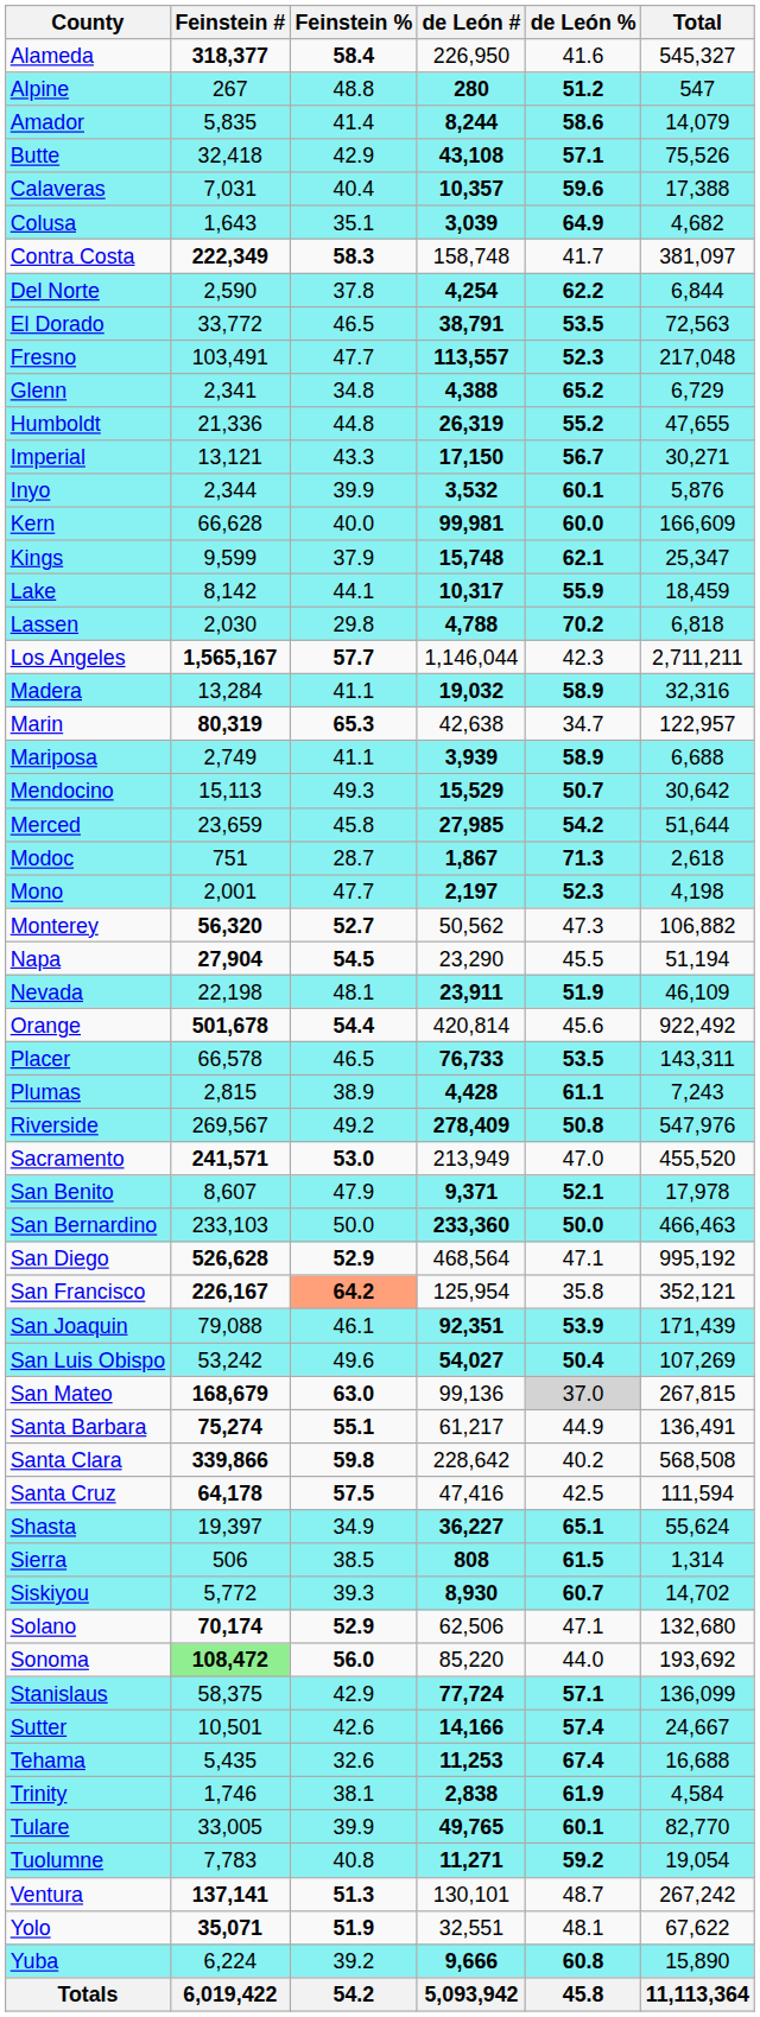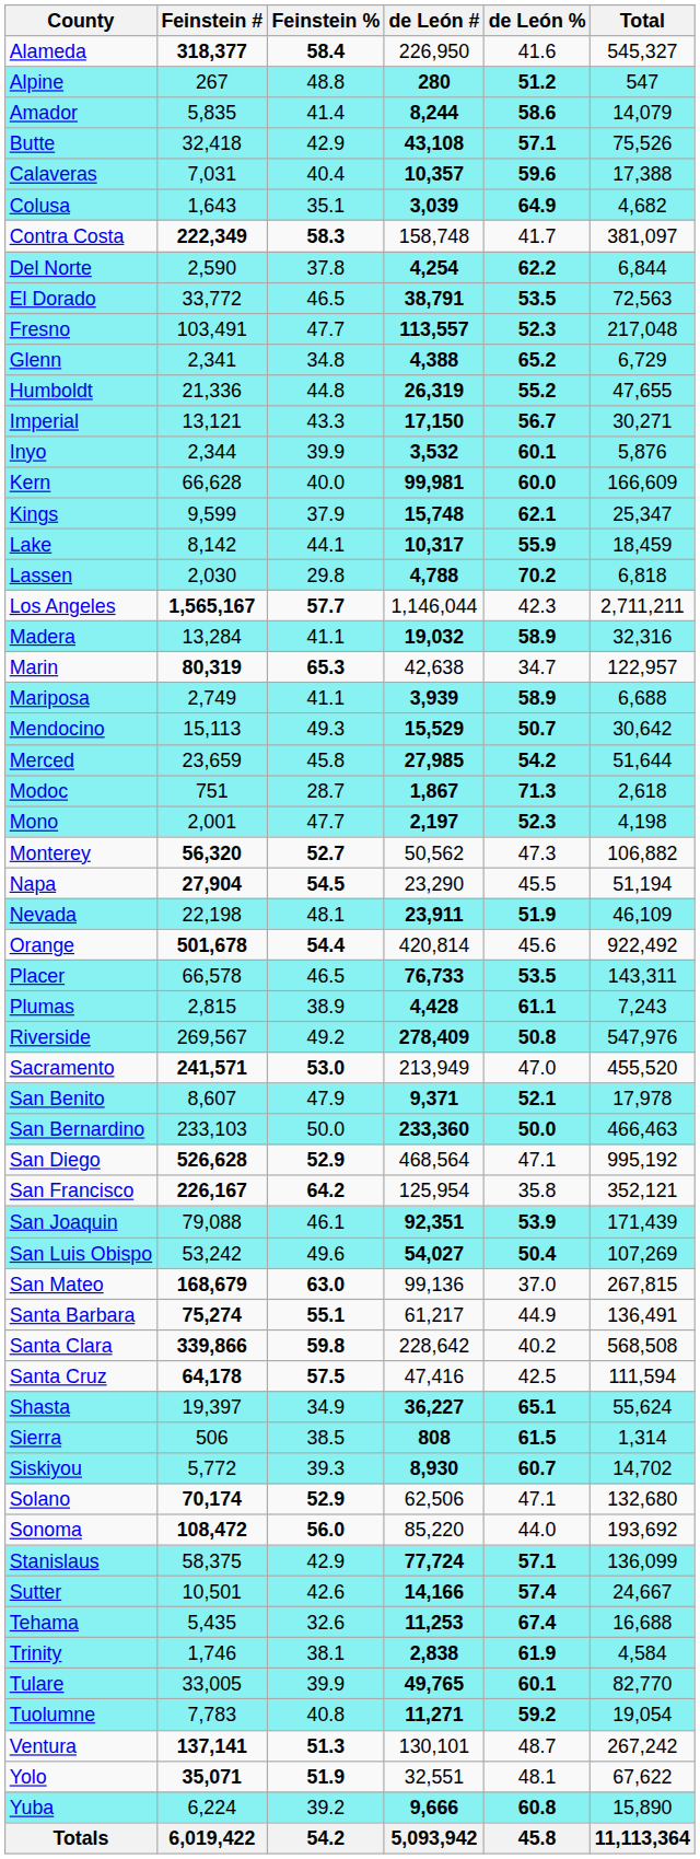 <table class="wikitable sortable" style="font-size: 95%">
 <tr>
 <th>County</th>
 <th>Feinstein #</th>
 <th>Feinstein %</th>
 <th>de León #</th>
 <th>de León %</th>
 <th>Total</th>
 </tr>
 <tr>
 <td><a href='#'>Alameda</a></td>
 <td align=center><strong>318,377</strong></td>
 <td align=center><strong>58.4</strong></td>
 <td align=center>226,950</td>
 <td align=center>41.6</td>
 <td align=center>545,327</td>
 </tr>
 <tr style="background:#88F2F2;">
 <td><a href='#'>Alpine</a></td>
 <td align=center>267</td>
 <td align=center>48.8</td>
 <td align=center><strong>280</strong></td>
 <td align=center><strong>51.2</strong></td>
 <td align=center>547</td>
 </tr>
 <tr style="background:#88F2F2;">
 <td><a href='#'>Amador</a></td>
 <td align=center>5,835</td>
 <td align=center>41.4</td>
 <td align=center><strong>8,244</strong></td>
 <td align=center><strong>58.6</strong></td>
 <td align=center>14,079</td>
 </tr>
 <tr style="background:#88F2F2;">
 <td><a href='#'>Butte</a></td>
 <td align=center>32,418</td>
 <td align=center>42.9</td>
 <td align=center><strong>43,108</strong></td>
 <td align=center><strong>57.1</strong></td>
 <td align=center>75,526</td>
 </tr>
 <tr style="background:#88F2F2;">
 <td><a href='#'>Calaveras</a></td>
 <td align=center>7,031</td>
 <td align=center>40.4</td>
 <td align=center><strong>10,357</strong></td>
 <td align=center><strong>59.6</strong></td>
 <td align=center>17,388</td>
 </tr>
 <tr style="background:#88F2F2;">
 <td><a href='#'>Colusa</a></td>
 <td align=center>1,643</td>
 <td align=center>35.1</td>
 <td align=center><strong>3,039</strong></td>
 <td align=center><strong>64.9</strong></td>
 <td align=center>4,682</td>
 </tr>
 <tr>
 <td><a href='#'>Contra Costa</a></td>
 <td align=center><strong>222,349</strong></td>
 <td align=center><strong>58.3</strong></td>
 <td align=center>158,748</td>
 <td align=center>41.7</td>
 <td align=center>381,097</td>
 </tr>
 <tr style="background:#88F2F2;">
 <td><a href='#'>Del Norte</a></td>
 <td align=center>2,590</td>
 <td align=center>37.8</td>
 <td align=center><strong>4,254</strong></td>
 <td align=center><strong>62.2</strong></td>
 <td align=center>6,844</td>
 </tr>
 <tr style="background:#88F2F2;">
 <td><a href='#'>El Dorado</a></td>
 <td align=center>33,772</td>
 <td align=center>46.5</td>
 <td align=center><strong>38,791</strong></td>
 <td align=center><strong>53.5</strong></td>
 <td align=center>72,563</td>
 </tr>
 <tr style="background:#88F2F2;">
 <td><a href='#'>Fresno</a></td>
 <td align=center>103,491</td>
 <td align=center>47.7</td>
 <td align=center><strong>113,557</strong></td>
 <td align=center><strong>52.3</strong></td>
 <td align=center>217,048</td>
 </tr>
 <tr style="background:#88F2F2;">
 <td><a href='#'>Glenn</a></td>
 <td align=center>2,341</td>
 <td align=center>34.8</td>
 <td align=center><strong>4,388</strong></td>
 <td align=center><strong>65.2</strong></td>
 <td align=center>6,729</td>
 </tr>
 <tr style="background:#88F2F2;">
 <td><a href='#'>Humboldt</a></td>
 <td align=center>21,336</td>
 <td align=center>44.8</td>
 <td align=center><strong>26,319</strong></td>
 <td align=center><strong>55.2</strong></td>
 <td align=center>47,655</td>
 </tr>
 <tr style="background:#88F2F2;">
 <td><a href='#'>Imperial</a></td>
 <td align=center>13,121</td>
 <td align=center>43.3</td>
 <td align=center><strong>17,150</strong></td>
 <td align=center><strong>56.7</strong></td>
 <td align=center>30,271</td>
 </tr>
 <tr style="background:#88F2F2;">
 <td><a href='#'>Inyo</a></td>
 <td align=center>2,344</td>
 <td align=center>39.9</td>
 <td align=center><strong>3,532</strong></td>
 <td align=center><strong>60.1</strong></td>
 <td align=center>5,876</td>
 </tr>
 <tr style="background:#88F2F2;">
 <td><a href='#'>Kern</a></td>
 <td align=center>66,628</td>
 <td align=center>40.0</td>
 <td align=center><strong>99,981</strong></td>
 <td align=center><strong>60.0</strong></td>
 <td align=center>166,609</td>
 </tr>
 <tr style="background:#88F2F2;">
 <td><a href='#'>Kings</a></td>
 <td align=center>9,599</td>
 <td align=center>37.9</td>
 <td align=center><strong>15,748</strong></td>
 <td align=center><strong>62.1</strong></td>
 <td align=center>25,347</td>
 </tr>
 <tr style="background:#88F2F2;">
 <td><a href='#'>Lake</a></td>
 <td align=center>8,142</td>
 <td align=center>44.1</td>
 <td align=center><strong>10,317</strong></td>
 <td align=center><strong>55.9</strong></td>
 <td align=center>18,459</td>
 </tr>
 <tr style="background:#88F2F2;">
 <td><a href='#'>Lassen</a></td>
 <td align=center>2,030</td>
 <td align=center>29.8</td>
 <td align=center><strong>4,788</strong></td>
 <td align=center><strong>70.2</strong></td>
 <td align=center>6,818</td>
 </tr>
 <tr>
 <td><a href='#'>Los Angeles</a></td>
 <td align=center><strong>1,565,167</strong></td>
 <td align=center><strong>57.7</strong></td>
 <td align=center>1,146,044</td>
 <td align=center>42.3</td>
 <td align=center>2,711,211</td>
 </tr>
 <tr style="background:#88F2F2;">
 <td><a href='#'>Madera</a></td>
 <td align=center>13,284</td>
 <td align=center>41.1</td>
 <td align=center><strong>19,032</strong></td>
 <td align=center><strong>58.9</strong></td>
 <td align=center>32,316</td>
 </tr>
 <tr>
 <td><a href='#'>Marin</a></td>
 <td align=center><strong>80,319</strong></td>
 <td align=center><strong>65.3</strong></td>
 <td align=center>42,638</td>
 <td align=center>34.7</td>
 <td align=center>122,957</td>
 </tr>
 <tr style="background:#88F2F2;">
 <td><a href='#'>Mariposa</a></td>
 <td align=center>2,749</td>
 <td align=center>41.1</td>
 <td align=center><strong>3,939</strong></td>
 <td align=center><strong>58.9</strong></td>
 <td align=center>6,688</td>
 </tr>
 <tr style="background:#88F2F2;">
 <td><a href='#'>Mendocino</a></td>
 <td align=center>15,113</td>
 <td align=center>49.3</td>
 <td align=center><strong>15,529</strong></td>
 <td align=center><strong>50.7</strong></td>
 <td align=center>30,642</td>
 </tr>
 <tr style="background:#88F2F2;">
 <td><a href='#'>Merced</a></td>
 <td align=center>23,659</td>
 <td align=center>45.8</td>
 <td align=center><strong>27,985</strong></td>
 <td align=center><strong>54.2</strong></td>
 <td align=center>51,644</td>
 </tr>
 <tr style="background:#88F2F2;">
 <td><a href='#'>Modoc</a></td>
 <td align=center>751</td>
 <td align=center>28.7</td>
 <td align=center><strong>1,867</strong></td>
 <td align=center><strong>71.3</strong></td>
 <td align=center>2,618</td>
 </tr>
 <tr style="background:#88F2F2;">
 <td><a href='#'>Mono</a></td>
 <td align=center>2,001</td>
 <td align=center>47.7</td>
 <td align=center><strong>2,197</strong></td>
 <td align=center><strong>52.3</strong></td>
 <td align=center>4,198</td>
 </tr>
 <tr>
 <td><a href='#'>Monterey</a></td>
 <td align=center><strong>56,320</strong></td>
 <td align=center><strong>52.7</strong></td>
 <td align=center>50,562</td>
 <td align=center>47.3</td>
 <td align=center>106,882</td>
 </tr>
 <tr>
 <td><a href='#'>Napa</a></td>
 <td align=center><strong>27,904</strong></td>
 <td align=center><strong>54.5</strong></td>
 <td align=center>23,290</td>
 <td align=center>45.5</td>
 <td align=center>51,194</td>
 </tr>
 <tr style="background:#88F2F2;">
 <td><a href='#'>Nevada</a></td>
 <td align=center>22,198</td>
 <td align=center>48.1</td>
 <td align=center><strong>23,911</strong></td>
 <td align=center><strong>51.9</strong></td>
 <td align=center>46,109</td>
 </tr>
 <tr>
 <td><a href='#'>Orange</a></td>
 <td align=center><strong>501,678</strong></td>
 <td align=center><strong>54.4</strong></td>
 <td align=center>420,814</td>
 <td align=center>45.6</td>
 <td align=center>922,492</td>
 </tr>
 <tr style="background:#88F2F2;">
 <td><a href='#'>Placer</a></td>
 <td align=center>66,578</td>
 <td align=center>46.5</td>
 <td align=center><strong>76,733</strong></td>
 <td align=center><strong>53.5</strong></td>
 <td align=center>143,311</td>
 </tr>
 <tr style="background:#88F2F2;">
 <td><a href='#'>Plumas</a></td>
 <td align=center>2,815</td>
 <td align=center>38.9</td>
 <td align=center><strong>4,428</strong></td>
 <td align=center><strong>61.1</strong></td>
 <td align=center>7,243</td>
 </tr>
 <tr style="background:#88F2F2;">
 <td><a href='#'>Riverside</a></td>
 <td align=center>269,567</td>
 <td align=center>49.2</td>
 <td align=center><strong>278,409</strong></td>
 <td align=center><strong>50.8</strong></td>
 <td align=center>547,976</td>
 </tr>
 <tr>
 <td><a href='#'>Sacramento</a></td>
 <td align=center><strong>241,571</strong></td>
 <td align=center><strong>53.0</strong></td>
 <td align=center>213,949</td>
 <td align=center>47.0</td>
 <td align=center>455,520</td>
 </tr>
 <tr style="background:#88F2F2;">
 <td><a href='#'>San Benito</a></td>
 <td align=center>8,607</td>
 <td align=center>47.9</td>
 <td align=center><strong>9,371</strong></td>
 <td align=center><strong>52.1</strong></td>
 <td align=center>17,978</td>
 </tr>
 <tr style="background:#88F2F2;">
 <td><a href='#'>San Bernardino</a></td>
 <td align=center>233,103</td>
 <td align=center>50.0</td>
 <td align=center><strong>233,360</strong></td>
 <td align=center><strong>50.0</strong></td>
 <td align=center>466,463</td>
 </tr>
 <tr>
 <td><a href='#'>San Diego</a></td>
 <td align=center><strong>526,628</strong></td>
 <td align=center><strong>52.9</strong></td>
 <td align=center>468,564</td>
 <td align=center>47.1</td>
 <td align=center>995,192</td>
 </tr>
 <tr>
 <td><a href='#'>San Francisco</a></td>
 <td align=center><strong>226,167</strong></td>
-<td align=center style="background: lightsalmon;"><strong>64.2</strong></td>
+<td align=center><strong>64.2</strong></td>
 <td align=center>125,954</td>
 <td align=center>35.8</td>
 <td align=center>352,121</td>
 </tr>
 <tr style="background:#88F2F2;">
 <td><a href='#'>San Joaquin</a></td>
 <td align=center>79,088</td>
 <td align=center>46.1</td>
 <td align=center><strong>92,351</strong></td>
 <td align=center><strong>53.9</strong></td>
 <td align=center>171,439</td>
 </tr>
 <tr style="background:#88F2F2;">
 <td><a href='#'>San Luis Obispo</a></td>
 <td align=center>53,242</td>
 <td align=center>49.6</td>
 <td align=center><strong>54,027</strong></td>
 <td align=center><strong>50.4</strong></td>
 <td align=center>107,269</td>
 </tr>
 <tr>
 <td><a href='#'>San Mateo</a></td>
 <td align=center><strong>168,679</strong></td>
 <td align=center><strong>63.0</strong></td>
 <td align=center>99,136</td>
-<td align=center style="background: lightgrey;">37.0</td>
+<td align=center>37.0</td>
 <td align=center>267,815</td>
 </tr>
 <tr>
 <td><a href='#'>Santa Barbara</a></td>
 <td align=center><strong>75,274</strong></td>
 <td align=center><strong>55.1</strong></td>
 <td align=center>61,217</td>
 <td align=center>44.9</td>
 <td align=center>136,491</td>
 </tr>
 <tr>
 <td><a href='#'>Santa Clara</a></td>
 <td align=center><strong>339,866</strong></td>
 <td align=center><strong>59.8</strong></td>
 <td align=center>228,642</td>
 <td align=center>40.2</td>
 <td align=center>568,508</td>
 </tr>
 <tr>
 <td><a href='#'>Santa Cruz</a></td>
 <td align=center><strong>64,178</strong></td>
 <td align=center><strong>57.5</strong></td>
 <td align=center>47,416</td>
 <td align=center>42.5</td>
 <td align=center>111,594</td>
 </tr>
 <tr style="background:#88F2F2;">
 <td><a href='#'>Shasta</a></td>
 <td align=center>19,397</td>
 <td align=center>34.9</td>
 <td align=center><strong>36,227</strong></td>
 <td align=center><strong>65.1</strong></td>
 <td align=center>55,624</td>
 </tr>
 <tr style="background:#88F2F2;">
 <td><a href='#'>Sierra</a></td>
 <td align=center>506</td>
 <td align=center>38.5</td>
 <td align=center><strong>808</strong></td>
 <td align=center><strong>61.5</strong></td>
 <td align=center>1,314</td>
 </tr>
 <tr style="background:#88F2F2;">
 <td><a href='#'>Siskiyou</a></td>
 <td align=center>5,772</td>
 <td align=center>39.3</td>
 <td align=center><strong>8,930</strong></td>
 <td align=center><strong>60.7</strong></td>
 <td align=center>14,702</td>
 </tr>
 <tr>
 <td><a href='#'>Solano</a></td>
 <td align=center><strong>70,174</strong></td>
 <td align=center><strong>52.9</strong></td>
 <td align=center>62,506</td>
 <td align=center>47.1</td>
 <td align=center>132,680</td>
 </tr>
 <tr>
 <td><a href='#'>Sonoma</a></td>
-<td align=center style="background: lightgreen;"><strong>108,472</strong></td>
+<td align=center><strong>108,472</strong></td>
 <td align=center><strong>56.0</strong></td>
 <td align=center>85,220</td>
 <td align=center>44.0</td>
 <td align=center>193,692</td>
 </tr>
 <tr style="background:#88F2F2;">
 <td><a href='#'>Stanislaus</a></td>
 <td align=center>58,375</td>
 <td align=center>42.9</td>
 <td align=center><strong>77,724</strong></td>
 <td align=center><strong>57.1</strong></td>
 <td align=center>136,099</td>
 </tr>
 <tr style="background:#88F2F2;">
 <td><a href='#'>Sutter</a></td>
 <td align=center>10,501</td>
 <td align=center>42.6</td>
 <td align=center><strong>14,166</strong></td>
 <td align=center><strong>57.4</strong></td>
 <td align=center>24,667</td>
 </tr>
 <tr style="background:#88F2F2;">
 <td><a href='#'>Tehama</a></td>
 <td align=center>5,435</td>
 <td align=center>32.6</td>
 <td align=center><strong>11,253</strong></td>
 <td align=center><strong>67.4</strong></td>
 <td align=center>16,688</td>
 </tr>
 <tr style="background:#88F2F2;">
 <td><a href='#'>Trinity</a></td>
 <td align=center>1,746</td>
 <td align=center>38.1</td>
 <td align=center><strong>2,838</strong></td>
 <td align=center><strong>61.9</strong></td>
 <td align=center>4,584</td>
 </tr>
 <tr style="background:#88F2F2;">
 <td><a href='#'>Tulare</a></td>
 <td align=center>33,005</td>
 <td align=center>39.9</td>
 <td align=center><strong>49,765</strong></td>
 <td align=center><strong>60.1</strong></td>
 <td align=center>82,770</td>
 </tr>
 <tr style="background:#88F2F2;">
 <td><a href='#'>Tuolumne</a></td>
 <td align=center>7,783</td>
 <td align=center>40.8</td>
 <td align=center><strong>11,271</strong></td>
 <td align=center><strong>59.2</strong></td>
 <td align=center>19,054</td>
 </tr>
 <tr>
 <td><a href='#'>Ventura</a></td>
 <td align=center><strong>137,141</strong></td>
 <td align=center><strong>51.3</strong></td>
 <td align=center>130,101</td>
 <td align=center>48.7</td>
 <td align=center>267,242</td>
 </tr>
 <tr>
 <td><a href='#'>Yolo</a></td>
 <td align=center><strong>35,071</strong></td>
 <td align=center><strong>51.9</strong></td>
 <td align=center>32,551</td>
 <td align=center>48.1</td>
 <td align=center>67,622</td>
 </tr>
 <tr style="background:#88F2F2;">
 <td><a href='#'>Yuba</a></td>
 <td align=center>6,224</td>
 <td align=center>39.2</td>
 <td align=center><strong>9,666</strong></td>
 <td align=center><strong>60.8</strong></td>
 <td align=center>15,890</td>
 </tr>
 <tr>
 <th>Totals</th>
 <th>6,019,422</th>
 <th>54.2</th>
 <th>5,093,942</th>
 <th>45.8</th>
 <th>11,113,364</th>
 </tr>
 </table>
